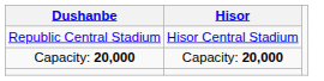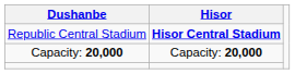 <table class="wikitable" style="text-align:center">
 <tr>
 <th><a href='#'>Dushanbe</a></th>
 <th><a href='#'>Hisor</a></th>
 <td rowspan=4></td>
 </tr>
 <tr>
 <td><a href='#'>Republic Central Stadium</a></td>
-<td><a href='#'>Hisor Central Stadium</a></td>
+<td><strong><a href='#'>Hisor Central Stadium</a></strong></td>
 </tr>
 <tr>
 <td>Capacity: <strong>20,000</strong></td>
 <td>Capacity: <strong>20,000</strong></td>
 </tr>
 <tr>
 <td></td>
 <td></td>
 </tr>
 </table>
